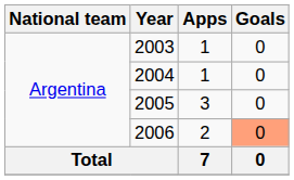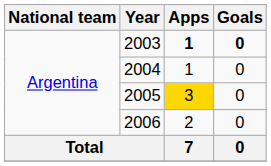 <table class="wikitable" style="text-align:center">
 <tr>
 <th>National team</th>
 <th>Year</th>
 <th>Apps</th>
 <th>Goals</th>
 </tr>
 <tr>
 <td rowspan="4"><a href='#'>Argentina</a></td>
 <td>2003</td>
-<td>1</td>
-<td>0</td>
+<td><strong>1</strong></td>
+<td><strong>0</strong></td>
 </tr>
 <tr>
 <td>2004</td>
 <td>1</td>
 <td>0</td>
 </tr>
 <tr>
 <td>2005</td>
-<td>3</td>
+<td style="background: gold;">3</td>
 <td>0</td>
 </tr>
 <tr>
 <td>2006</td>
 <td>2</td>
-<td style="background: lightsalmon;">0</td>
+<td>0</td>
 </tr>
 <tr>
 <th colspan="2">Total</th>
 <th>7</th>
 <th>0</th>
 </tr>
 <tr>
 </tr>
 </table>
